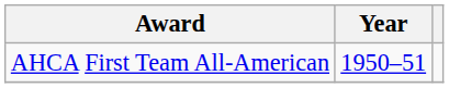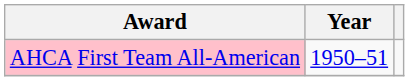 <table class="wikitable">
 <tr>
 <th>Award</th>
 <th>Year</th>
 <th></th>
 </tr>
 <tr>
-<td><a href='#'>AHCA</a> <a href='#'>First Team All-American</a></td>
+<td style="background: pink;"><a href='#'>AHCA</a> <a href='#'>First Team All-American</a></td>
 <td><a href='#'>1950–51</a></td>
 <td></td>
 </tr>
 <tr>
 </tr>
 </table>
